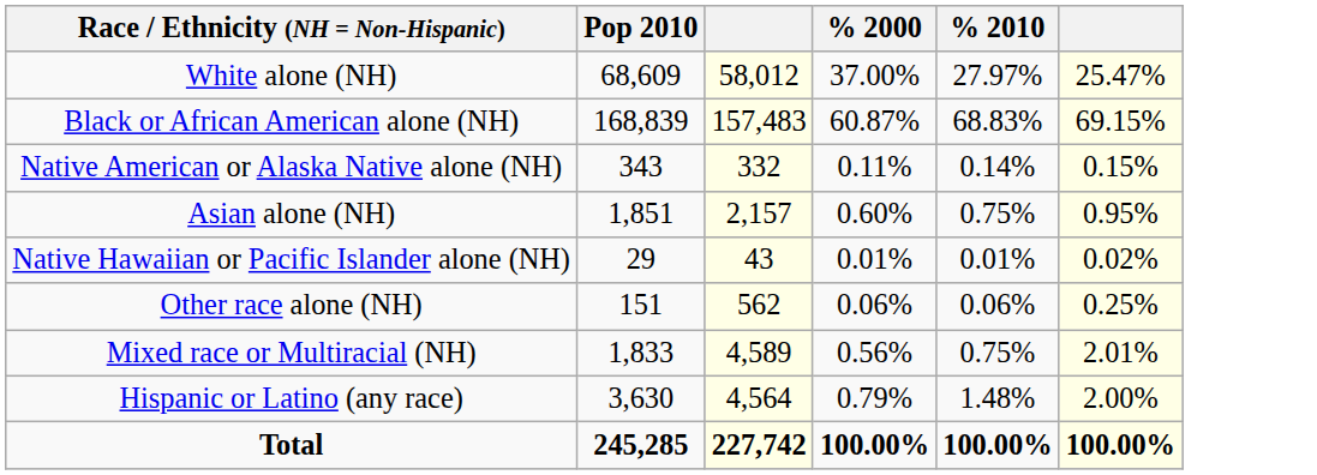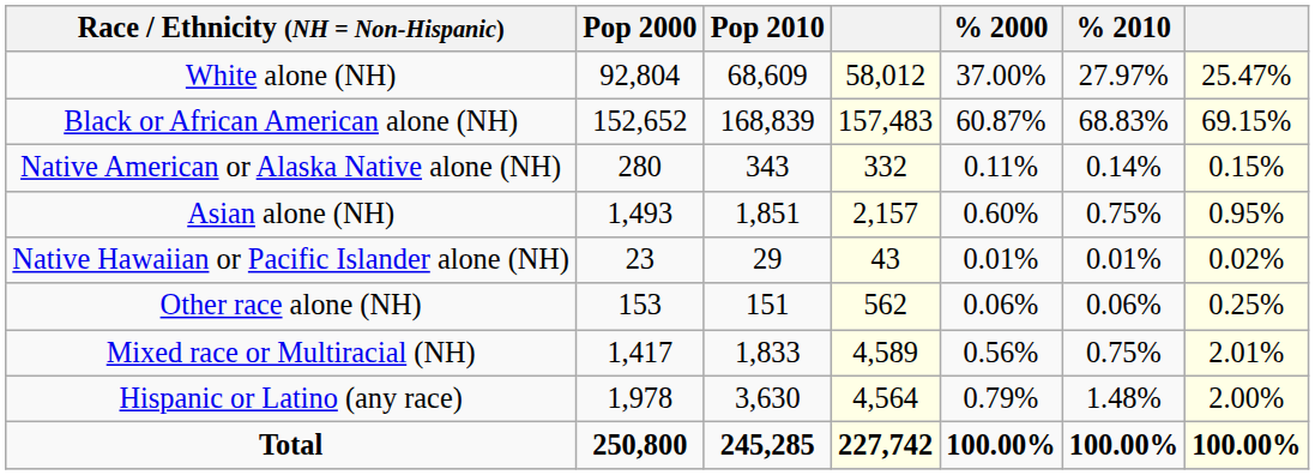 <table class="wikitable" style="text-align:center;">
 <tr>
 <th>Race / Ethnicity <small>(<em>NH = Non-Hispanic</em>)</small></th>
+<th>Pop 2000</th>
 <th>Pop 2010</th>
 <th></th>
 <th>% 2000</th>
 <th>% 2010</th>
 <th></th>
 </tr>
 <tr>
 <td><a href='#'>White</a> alone (NH)</td>
+<td>92,804</td>
 <td>68,609</td>
 <td style='background: #ffffe6;'>58,012</td>
 <td>37.00%</td>
 <td>27.97%</td>
 <td style='background: #ffffe6;'>25.47%</td>
 </tr>
 <tr>
 <td><a href='#'>Black or African American</a> alone (NH)</td>
+<td>152,652</td>
 <td>168,839</td>
 <td style='background: #ffffe6;'>157,483</td>
 <td>60.87%</td>
 <td>68.83%</td>
 <td style='background: #ffffe6;'>69.15%</td>
 </tr>
 <tr>
 <td><a href='#'>Native American</a> or <a href='#'>Alaska Native</a> alone (NH)</td>
+<td>280</td>
 <td>343</td>
 <td style='background: #ffffe6;'>332</td>
 <td>0.11%</td>
 <td>0.14%</td>
 <td style='background: #ffffe6;'>0.15%</td>
 </tr>
 <tr>
 <td><a href='#'>Asian</a> alone (NH)</td>
+<td>1,493</td>
 <td>1,851</td>
 <td style='background: #ffffe6;'>2,157</td>
 <td>0.60%</td>
 <td>0.75%</td>
 <td style='background: #ffffe6;'>0.95%</td>
 </tr>
 <tr>
 <td><a href='#'>Native Hawaiian</a> or <a href='#'>Pacific Islander</a> alone (NH)</td>
+<td>23</td>
 <td>29</td>
 <td style='background: #ffffe6;'>43</td>
 <td>0.01%</td>
 <td>0.01%</td>
 <td style='background: #ffffe6;'>0.02%</td>
 </tr>
 <tr>
 <td><a href='#'>Other race</a> alone (NH)</td>
+<td>153</td>
 <td>151</td>
 <td style='background: #ffffe6;'>562</td>
 <td>0.06%</td>
 <td>0.06%</td>
 <td style='background: #ffffe6;'>0.25%</td>
 </tr>
 <tr>
 <td><a href='#'>Mixed race or Multiracial</a> (NH)</td>
+<td>1,417</td>
 <td>1,833</td>
 <td style='background: #ffffe6;'>4,589</td>
 <td>0.56%</td>
 <td>0.75%</td>
 <td style='background: #ffffe6;'>2.01%</td>
 </tr>
 <tr>
 <td><a href='#'>Hispanic or Latino</a> (any race)</td>
+<td>1,978</td>
 <td>3,630</td>
 <td style='background: #ffffe6;'>4,564</td>
 <td>0.79%</td>
 <td>1.48%</td>
 <td style='background: #ffffe6;'>2.00%</td>
 </tr>
 <tr>
 <td><strong>Total</strong></td>
+<td><strong>250,800</strong></td>
 <td><strong>245,285</strong></td>
 <td style='background: #ffffe6;'><strong>227,742</strong></td>
 <td><strong>100.00%</strong></td>
 <td><strong>100.00%</strong></td>
 <td style='background: #ffffe6;'><strong>100.00%</strong></td>
 </tr>
 </table>
